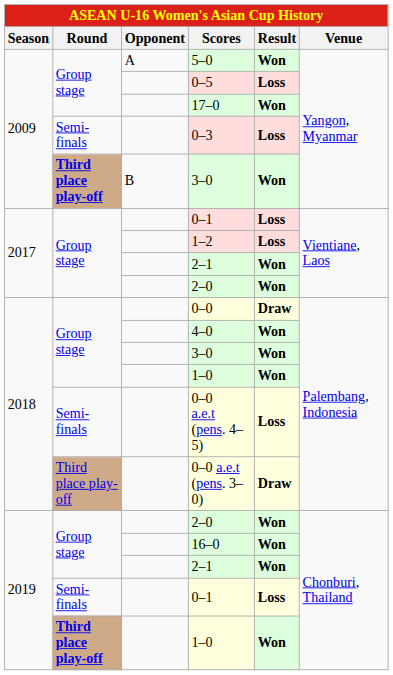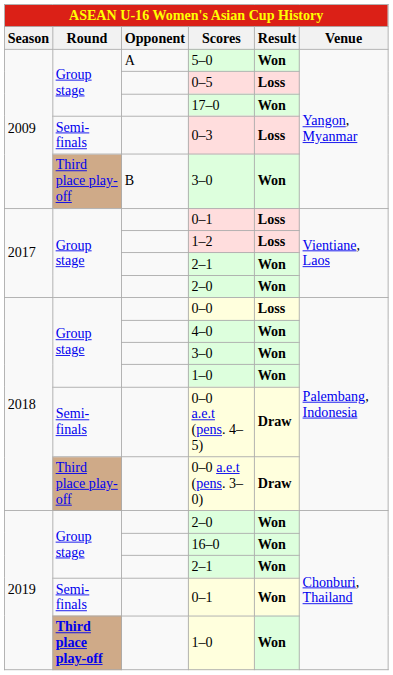 <table class="wikitable collapsible collapsed" style="text-align:center, font-size:90% ; width:70%;">
 <tr>
 <th colspan="6" style="background:#DB2017; color:#FFFF00">ASEAN U-16 Women's Asian Cup History</th>
 </tr>
 <tr>
 <th>Season</th>
 <th>Round</th>
 <th>Opponent</th>
 <th>Scores</th>
 <th>Result</th>
 <th>Venue</th>
 </tr>
 <tr>
 <td rowspan="5">2009</td>
 <td rowspan="3"><a href='#'>Group stage</a></td>
 <td style="text-align:left"> A</td>
 <td style="background:#dfd">5–0</td>
 <td style="background:#dfd"><strong>Won</strong></td>
 <td rowspan="5"> <a href='#'>Yangon</a>, <a href='#'>Myanmar</a></td>
 </tr>
 <tr>
 <td style="text-align:left"></td>
 <td style="background:#fdd">0–5</td>
 <td style="background:#fdd"><strong>Loss</strong></td>
 </tr>
 <tr>
 <td style="text-align:left"></td>
 <td style="background:#dfd">17–0</td>
 <td style="background:#dfd"><strong>Won</strong></td>
 </tr>
 <tr>
 <td rowspan="1"><a href='#'>Semi-finals</a></td>
 <td style="text-align:left"></td>
 <td style="background:#fdd">0–3</td>
 <td style="background:#fdd"><strong>Loss</strong></td>
 </tr>
 <tr>
-<td rowspan="1" style="background:#cfaa88"><strong><a href='#'>Third place play-off</a></strong></td>
+<td rowspan="1" style="background:#cfaa88"><a href='#'>Third place play-off</a></td>
 <td style="text-align:left"> B</td>
 <td style="background:#dfd">3–0</td>
 <td style="background:#dfd"><strong>Won</strong></td>
 </tr>
 <tr>
 <td rowspan="4">2017</td>
 <td rowspan="4"><a href='#'>Group stage</a></td>
 <td style="text-align:left"></td>
 <td style="background:#fdd">0–1</td>
 <td style="background:#fdd"><strong>Loss</strong></td>
 <td rowspan="4"> <a href='#'>Vientiane</a>, <a href='#'>Laos</a></td>
 </tr>
 <tr>
 <td style="text-align:left"></td>
 <td style="background:#fdd">1–2</td>
 <td style="background:#fdd"><strong>Loss</strong></td>
 </tr>
 <tr>
 <td style="text-align:left"></td>
 <td style="background:#dfd">2–1</td>
 <td style="background:#dfd"><strong>Won</strong></td>
 </tr>
 <tr>
 <td style="text-align:left"></td>
 <td style="background:#dfd">2–0</td>
 <td style="background:#dfd"><strong>Won</strong></td>
 </tr>
 <tr>
 <td rowspan="6">2018</td>
 <td rowspan="4"><a href='#'>Group stage</a></td>
 <td style="text-align:left"></td>
 <td style="background:#ffd">0–0</td>
-<td style="background:#ffd"><strong>Draw</strong></td>
+<td style="background:#ffd"><strong>Loss</strong></td>
 <td rowspan="6"> <a href='#'>Palembang</a>, <a href='#'>Indonesia</a></td>
 </tr>
 <tr>
 <td style="text-align:left"></td>
 <td style="background:#dfd">4–0</td>
 <td style="background:#dfd"><strong>Won</strong></td>
 </tr>
 <tr>
 <td style="text-align:left"></td>
 <td style="background:#dfd">3–0</td>
 <td style="background:#dfd"><strong>Won</strong></td>
 </tr>
 <tr>
 <td style="text-align:left"></td>
 <td style="background:#dfd">1–0</td>
 <td style="background:#dfd"><strong>Won</strong></td>
 </tr>
 <tr>
 <td rowspan="1"><a href='#'>Semi-finals</a></td>
 <td style="text-align:left"></td>
 <td style="background:#ffd">0–0<br><a href='#'>a.e.t</a> (<a href='#'>pens</a>. 4–5)</td>
-<td style="background:#ffd"><strong>Loss</strong></td>
+<td style="background:#ffd"><strong>Draw</strong></td>
 </tr>
 <tr>
 <td rowspan="1" style="background:#cfaa88"><a href='#'>Third place play-off</a></td>
 <td style="text-align:left"></td>
 <td style="background:#ffd">0–0 <a href='#'>a.e.t</a> (<a href='#'>pens</a>. 3–0)</td>
 <td style="background:#ffd"><strong>Draw</strong></td>
 </tr>
 <tr>
 <td rowspan="5">2019</td>
 <td rowspan="3"><a href='#'>Group stage</a></td>
 <td style="text-align:left"></td>
 <td style="background:#dfd">2–0</td>
 <td style="background:#dfd"><strong>Won</strong></td>
 <td rowspan="5"> <a href='#'>Chonburi</a>, <a href='#'>Thailand</a></td>
 </tr>
 <tr>
 <td style="text-align:left"></td>
 <td style="background:#dfd">16–0</td>
 <td style="background:#dfd"><strong>Won</strong></td>
 </tr>
 <tr>
 <td style="text-align:left"></td>
 <td style="background:#dfd">2–1</td>
 <td style="background:#dfd"><strong>Won</strong></td>
 </tr>
 <tr>
 <td rowspan="1"><a href='#'>Semi-finals</a></td>
 <td style="text-align:left"></td>
 <td style="background:#ffd">0–1</td>
-<td style="background:#ffd"><strong>Loss</strong></td>
+<td style="background:#ffd"><strong>Won</strong></td>
 </tr>
 <tr>
 <td rowspan="1" style="background:#cfaa88"><strong><a href='#'>Third place play-off</a></strong></td>
 <td style="text-align:left"></td>
 <td style="background:#ffd">1–0</td>
 <td style="background:#dfd"><strong>Won</strong></td>
 </tr>
 </table>
